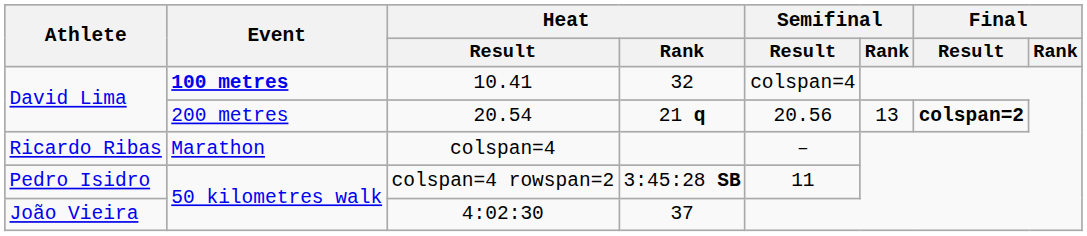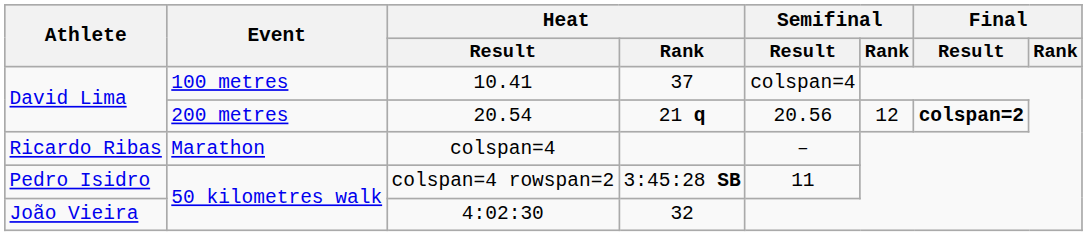 <table class="wikitable" style="font-size:90%">
 <tr>
 <th rowspan="2">Athlete</th>
 <th rowspan="2">Event</th>
 <th colspan="2">Heat</th>
 <th colspan="2">Semifinal</th>
 <th colspan="2">Final</th>
 </tr>
 <tr style="font-size:95%">
 <th>Result</th>
 <th>Rank</th>
 <th>Result</th>
 <th>Rank</th>
 <th>Result</th>
 <th>Rank</th>
 </tr>
 <tr style=text-align:center>
 <td style=text-align:left rowspan=2><a href='#'>David Lima</a></td>
-<td style=text-align:left><strong><a href='#'>100 metres</a></strong></td>
+<td style=text-align:left><a href='#'>100 metres</a></td>
 <td>10.41</td>
-<td>32</td>
+<td>37</td>
 <td>colspan=4 </td>
 </tr>
 <tr style=text-align:center>
 <td style=text-align:left><a href='#'>200 metres</a></td>
 <td>20.54</td>
 <td>21 <strong>q</strong></td>
 <td>20.56</td>
-<td>13</td>
+<td>12</td>
 <td><strong>colspan=2 </strong></td>
 </tr>
 <tr style=text-align:center>
 <td style=text-align:left><a href='#'>Ricardo Ribas</a></td>
 <td style=text-align:left><a href='#'>Marathon</a></td>
 <td>colspan=4 </td>
 <td></td>
 <td>–</td>
 </tr>
 <tr style=text-align:center>
 <td style=text-align:left><a href='#'>Pedro Isidro</a></td>
 <td style=text-align:left rowspan=2><a href='#'>50 kilometres walk</a></td>
 <td>colspan=4 rowspan=2 </td>
 <td>3:45:28 <strong>SB</strong></td>
 <td>11</td>
 </tr>
 <tr style=text-align:center>
 <td style=text-align:left><a href='#'>João Vieira</a></td>
 <td>4:02:30</td>
-<td>37</td>
+<td>32</td>
 </tr>
 </table>
